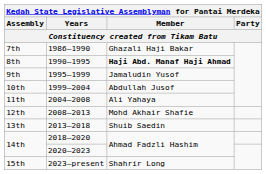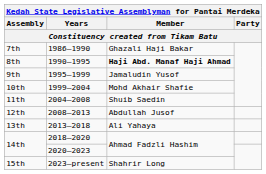 <table class="wikitable">
 <tr>
 <th colspan="4"><a href='#'>Kedah State Legislative Assemblyman</a> for Pantai Merdeka</th>
 </tr>
 <tr>
 <th>Assembly</th>
 <th>Years</th>
 <th>Member</th>
 <th>Party</th>
 </tr>
 <tr>
 <th colspan="4" align="center"><em>Constituency created from Tikam Batu</em></th>
 </tr>
 <tr>
 <td>7th</td>
 <td>1986–1990</td>
 <td>Ghazali Haji Bakar</td>
 <td rowspan="5"></td>
 </tr>
 <tr>
 <td>8th</td>
 <td>1990–1995</td>
 <td><strong>Haji Abd. Manaf Haji Ahmad</strong></td>
 </tr>
 <tr>
 <td>9th</td>
 <td>1995–1999</td>
 <td>Jamaludin Yusof</td>
 </tr>
 <tr>
 <td>10th</td>
 <td>1999–2004</td>
-<td>Abdullah Jusof</td>
+<td>Mohd Akhair Shafie</td>
 </tr>
 <tr>
 <td>11th</td>
 <td>2004–2008</td>
-<td>Ali Yahaya</td>
+<td>Shuib Saedin</td>
 </tr>
 <tr>
 <td>12th</td>
 <td>2008–2013</td>
-<td>Mohd Akhair Shafie</td>
+<td>Abdullah Jusof</td>
 <td></td>
 </tr>
 <tr>
 <td>13th</td>
 <td>2013–2018</td>
-<td>Shuib Saedin</td>
+<td>Ali Yahaya</td>
 <td></td>
 </tr>
 <tr>
 <td rowspan="2">14th</td>
 <td>2018–2020</td>
 <td rowspan="2">Ahmad Fadzli Hashim</td>
 <td></td>
 </tr>
 <tr>
 <td>2020–2023</td>
 <td rowspan="2"></td>
 </tr>
 <tr>
 <td>15th</td>
 <td>2023–present</td>
 <td>Shahrir Long</td>
 </tr>
 </table>
